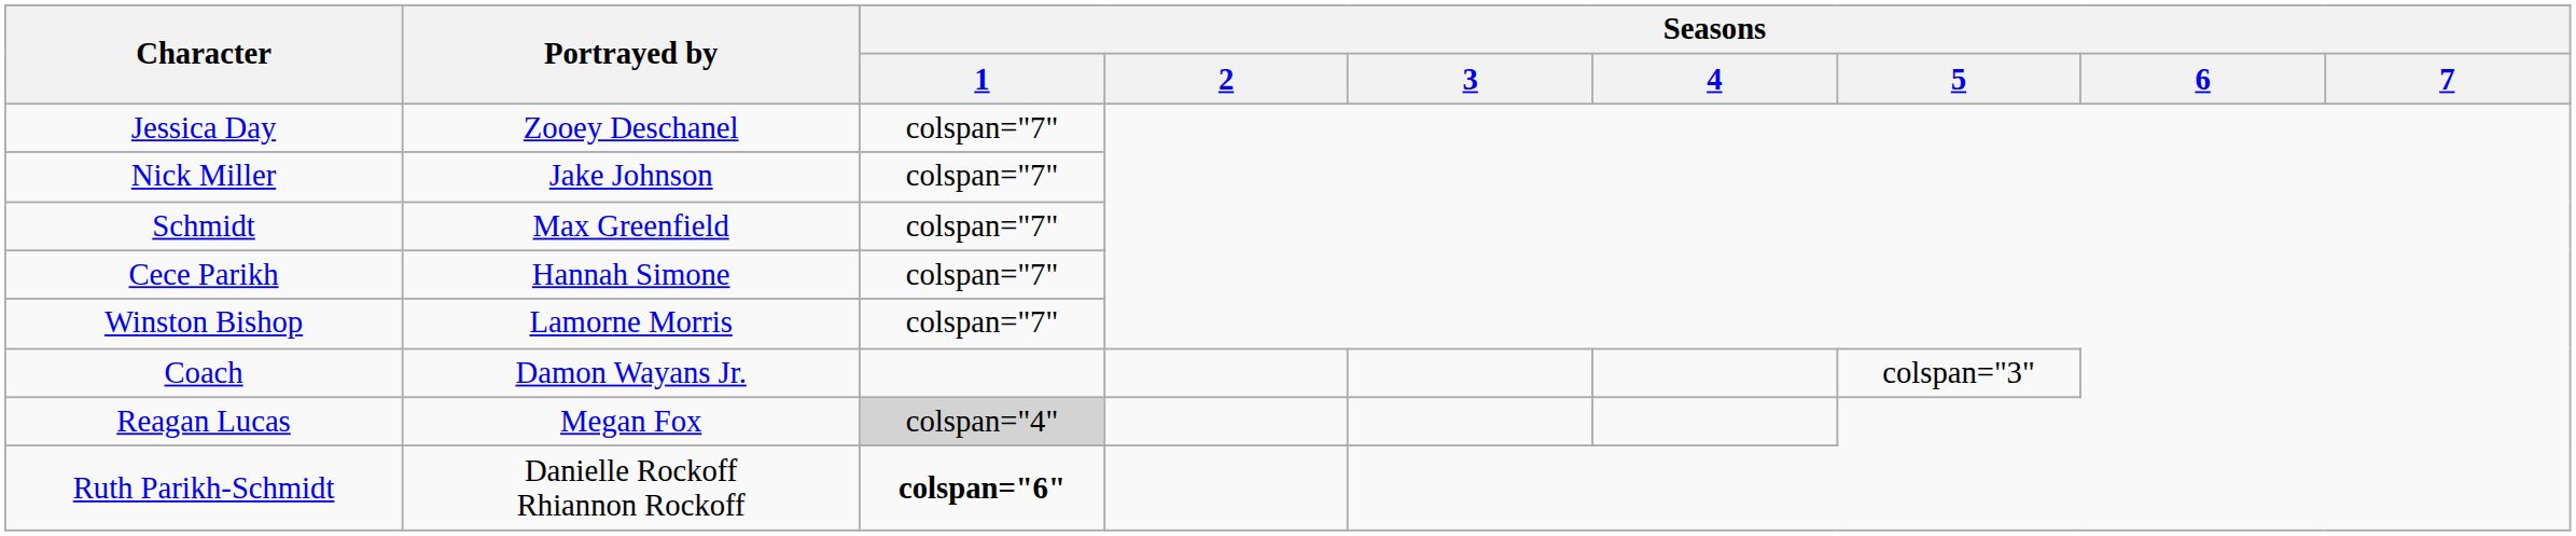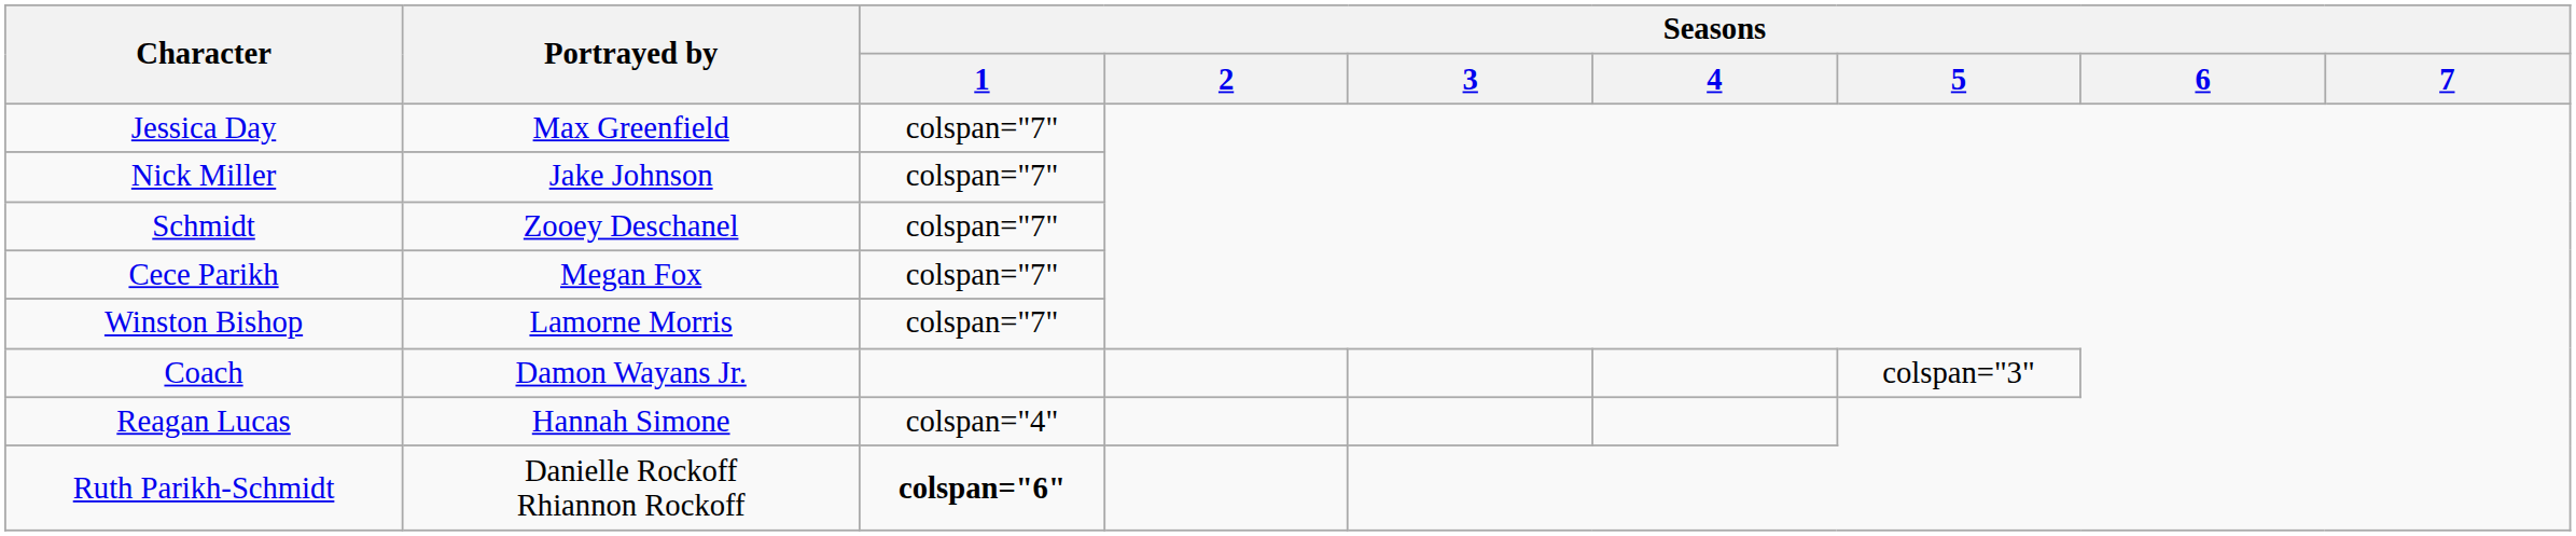 <table class="wikitable plainrowheaders" style="text-align:center; width:84%;">
 <tr>
 <th scope="col" rowspan="2" style="width:13%;">Character</th>
 <th scope="col" rowspan="2" style="width:15%;">Portrayed by</th>
 <th scope="col" colspan="7" style="width:56%;">Seasons</th>
 </tr>
 <tr>
 <th scope="col" style="width:8%;"><a href='#'>1</a></th>
 <th scope="col" style="width:8%;"><a href='#'>2</a></th>
 <th scope="col" style="width:8%;"><a href='#'>3</a></th>
 <th scope="col" style="width:8%;"><a href='#'>4</a></th>
 <th scope="col" style="width:8%;"><a href='#'>5</a></th>
 <th scope="col" style="width:8%;"><a href='#'>6</a></th>
 <th scope="col" style="width:8%;"><a href='#'>7</a></th>
 </tr>
 <tr>
 <td scope="row"><a href='#'>Jessica Day</a></td>
-<td><a href='#'>Zooey Deschanel</a></td>
+<td><a href='#'>Max Greenfield</a></td>
 <td>colspan="7" </td>
 </tr>
 <tr>
 <td scope="row"><a href='#'>Nick Miller</a></td>
 <td><a href='#'>Jake Johnson</a></td>
 <td>colspan="7" </td>
 </tr>
 <tr>
 <td scope="row"><a href='#'>Schmidt</a></td>
-<td><a href='#'>Max Greenfield</a></td>
+<td><a href='#'>Zooey Deschanel</a></td>
 <td>colspan="7" </td>
 </tr>
 <tr>
 <td scope="row"><a href='#'>Cece Parikh</a></td>
-<td><a href='#'>Hannah Simone</a></td>
+<td><a href='#'>Megan Fox</a></td>
 <td>colspan="7" </td>
 </tr>
 <tr>
 <td scope="row"><a href='#'>Winston Bishop</a></td>
 <td><a href='#'>Lamorne Morris</a></td>
 <td>colspan="7" </td>
 </tr>
 <tr>
 <td scope="row"><a href='#'>Coach</a></td>
 <td><a href='#'>Damon Wayans Jr.</a></td>
 <td></td>
 <td></td>
 <td></td>
 <td></td>
 <td>colspan="3" </td>
 </tr>
 <tr>
 <td scope="row"><a href='#'>Reagan Lucas</a></td>
-<td><a href='#'>Megan Fox</a></td>
-<td style="background: lightgrey;">colspan="4" </td>
+<td><a href='#'>Hannah Simone</a></td>
+<td>colspan="4" </td>
 <td></td>
 <td></td>
 <td></td>
 </tr>
 <tr>
 <td scope="row"><a href='#'>Ruth Parikh-Schmidt</a></td>
 <td>Danielle Rockoff<br>Rhiannon Rockoff</td>
 <td><strong>colspan="6" </strong></td>
 <td></td>
 </tr>
 </table>
